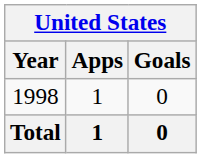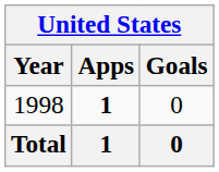 <table class="wikitable" style="text-align:center">
 <tr>
 <th colspan=3><a href='#'>United States</a></th>
 </tr>
 <tr>
 <th>Year</th>
 <th>Apps</th>
 <th>Goals</th>
 </tr>
 <tr>
 <td>1998</td>
-<td>1</td>
+<td><strong>1</strong></td>
 <td>0</td>
 </tr>
 <tr>
 <th>Total</th>
 <th>1</th>
 <th>0</th>
 </tr>
 </table>
